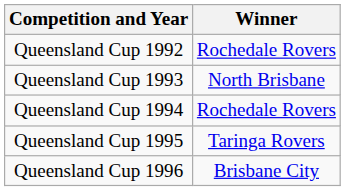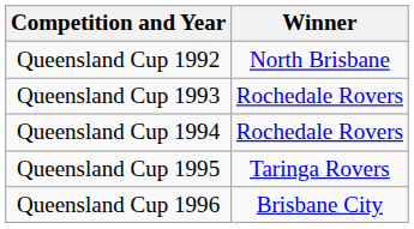 <table class="wikitable" style="text-align:center">
 <tr>
 <th>Competition and Year</th>
 <th>Winner</th>
 </tr>
 <tr>
 <td>Queensland Cup 1992</td>
-<td><a href='#'>Rochedale Rovers</a></td>
+<td><a href='#'>North Brisbane</a></td>
 </tr>
 <tr>
 <td>Queensland Cup 1993</td>
-<td><a href='#'>North Brisbane</a></td>
+<td><a href='#'>Rochedale Rovers</a></td>
 </tr>
 <tr>
 <td>Queensland Cup 1994</td>
 <td><a href='#'>Rochedale Rovers</a></td>
 </tr>
 <tr>
 <td>Queensland Cup 1995</td>
 <td><a href='#'>Taringa Rovers</a></td>
 </tr>
 <tr>
 <td>Queensland Cup 1996</td>
 <td><a href='#'>Brisbane City</a></td>
 </tr>
 </table>
